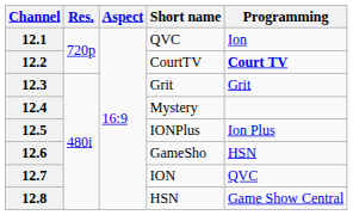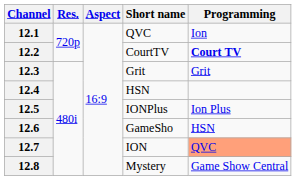 <table class="wikitable">
 <tr>
 <th scope = "col"><a href='#'>Channel</a></th>
 <th scope = "col"><a href='#'>Res.</a></th>
 <th scope = "col"><a href='#'>Aspect</a></th>
 <th scope = "col">Short name</th>
 <th scope = "col">Programming</th>
 </tr>
 <tr>
 <th scope = "row">12.1</th>
 <td rowspan=2><a href='#'>720p</a></td>
 <td rowspan=8><a href='#'>16:9</a></td>
 <td>QVC</td>
 <td><a href='#'>Ion</a></td>
 </tr>
 <tr>
 <th scope = "row">12.2</th>
 <td>CourtTV</td>
 <td><strong><a href='#'>Court TV</a></strong></td>
 </tr>
 <tr>
 <th scope = "row">12.3</th>
 <td rowspan=6><a href='#'>480i</a></td>
 <td>Grit</td>
 <td><a href='#'>Grit</a></td>
 </tr>
 <tr>
 <th scope = "row">12.4</th>
-<td>Mystery</td>
+<td>HSN</td>
 <td></td>
 </tr>
 <tr>
 <th scope = "row">12.5</th>
 <td>IONPlus</td>
 <td><a href='#'>Ion Plus</a></td>
 </tr>
 <tr>
 <th scope = "row">12.6</th>
 <td>GameSho</td>
 <td><a href='#'>HSN</a></td>
 </tr>
 <tr>
 <th scope = "row">12.7</th>
 <td>ION</td>
-<td><a href='#'>QVC</a></td>
+<td style="background: lightsalmon;"><a href='#'>QVC</a></td>
 </tr>
 <tr>
 <th scope = "row">12.8</th>
-<td>HSN</td>
+<td>Mystery</td>
 <td><a href='#'>Game Show Central</a></td>
 </tr>
 </table>
